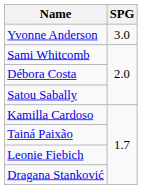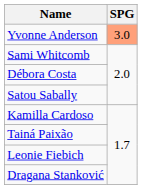 <table class=wikitable>
 <tr>
 <th>Name</th>
 <th>SPG</th>
 </tr>
 <tr>
 <td> <a href='#'>Yvonne Anderson</a></td>
-<td align=center>3.0</td>
+<td align=center style="background: lightsalmon;">3.0</td>
 </tr>
 <tr>
 <td> <a href='#'>Sami Whitcomb</a></td>
 <td align=center rowspan=3>2.0</td>
 </tr>
 <tr>
 <td> <a href='#'>Débora Costa</a></td>
 </tr>
 <tr>
 <td> <a href='#'>Satou Sabally</a></td>
 </tr>
 <tr>
 <td> <a href='#'>Kamilla Cardoso</a></td>
 <td align=center rowspan=4>1.7</td>
 </tr>
 <tr>
 <td> <a href='#'>Tainá Paixão</a></td>
 </tr>
 <tr>
 <td> <a href='#'>Leonie Fiebich</a></td>
 </tr>
 <tr>
 <td> <a href='#'>Dragana Stanković</a></td>
 </tr>
 </table>
